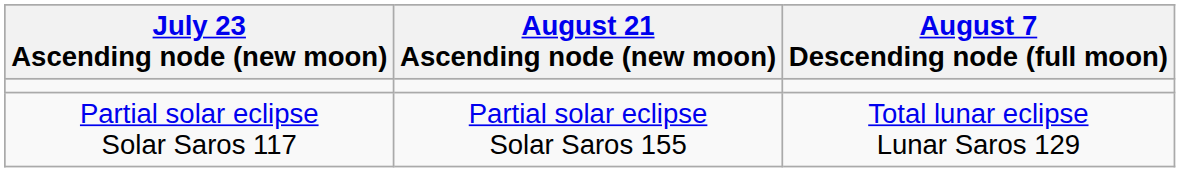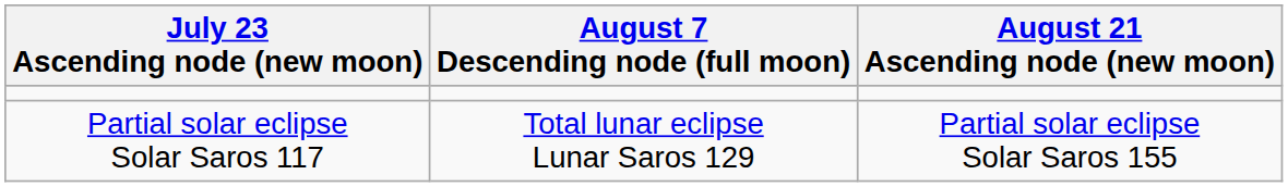 <table class="wikitable">
 <tr>
 <th><a href='#'>July 23</a><br>Ascending node (new moon)<br></th>
+<th><a href='#'>August 7</a><br>Descending node (full moon)<br></th>
 <th><a href='#'>August 21</a><br>Ascending node (new moon)<br></th>
-<th><a href='#'>August 7</a><br>Descending node (full moon)<br></th>
 </tr>
 <tr>
 <td></td>
 <td></td>
 <td></td>
 </tr>
 <tr align=center>
 <td><a href='#'>Partial solar eclipse</a><br>Solar Saros 117</td>
+<td><a href='#'>Total lunar eclipse</a><br>Lunar Saros 129</td>
 <td><a href='#'>Partial solar eclipse</a><br>Solar Saros 155</td>
-<td><a href='#'>Total lunar eclipse</a><br>Lunar Saros 129</td>
 </tr>
 </table>
